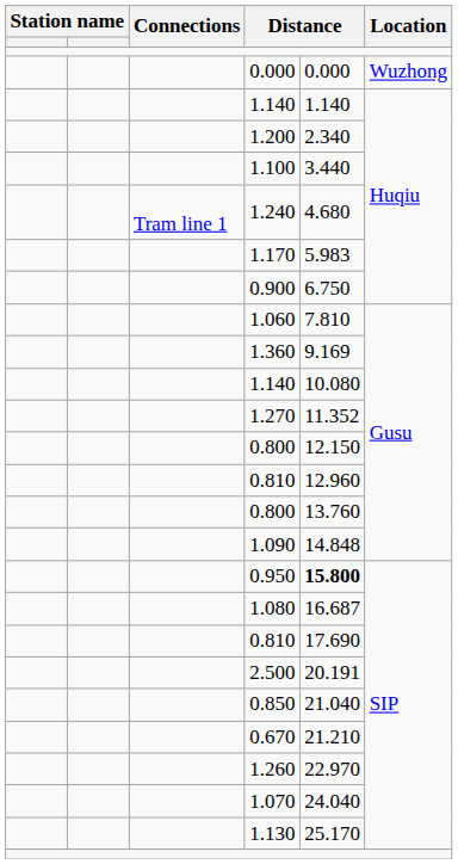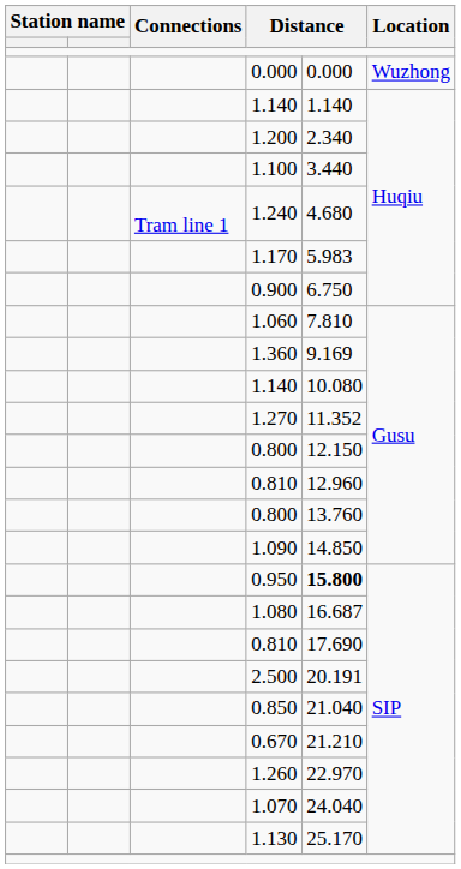 <table class="wikitable">
 <tr>
 <th colspan="2">Station name</th>
 <th rowspan="2">Connections</th>
 <th colspan="2" rowspan="2">Distance<br></th>
 <th rowspan="2">Location</th>
 </tr>
 <tr>
 <th></th>
 <th></th>
 </tr>
 <tr style="background:#">
 <td colspan = "7"></td>
 </tr>
 <tr>
 <td></td>
 <td></td>
 <td></td>
 <td>0.000</td>
 <td>0.000</td>
 <td><a href='#'>Wuzhong</a></td>
 </tr>
 <tr>
 <td></td>
 <td></td>
 <td></td>
 <td>1.140</td>
 <td>1.140</td>
 <td rowspan="6"><a href='#'>Huqiu</a> </td>
 </tr>
 <tr>
 <td></td>
 <td></td>
 <td></td>
 <td>1.200</td>
 <td>2.340</td>
 </tr>
 <tr>
 <td></td>
 <td></td>
 <td></td>
 <td>1.100</td>
 <td>3.440</td>
 </tr>
 <tr>
 <td></td>
 <td></td>
 <td><br> <a href='#'>Tram line 1</a></td>
 <td>1.240</td>
 <td>4.680</td>
 </tr>
 <tr>
 <td></td>
 <td></td>
 <td></td>
 <td>1.170</td>
 <td>5.983</td>
 </tr>
 <tr>
 <td></td>
 <td></td>
 <td></td>
 <td>0.900</td>
 <td>6.750</td>
 </tr>
 <tr>
 <td></td>
 <td></td>
 <td></td>
 <td>1.060</td>
 <td>7.810</td>
 <td rowspan="8"><a href='#'>Gusu</a></td>
 </tr>
 <tr>
 <td></td>
 <td></td>
 <td></td>
 <td>1.360</td>
 <td>9.169</td>
 </tr>
 <tr>
 <td></td>
 <td></td>
 <td></td>
 <td>1.140</td>
 <td>10.080</td>
 </tr>
 <tr>
 <td></td>
 <td></td>
 <td></td>
 <td>1.270</td>
 <td>11.352</td>
 </tr>
 <tr>
 <td></td>
 <td></td>
 <td></td>
 <td>0.800</td>
 <td>12.150</td>
 </tr>
 <tr>
 <td></td>
 <td></td>
 <td></td>
 <td>0.810</td>
 <td>12.960</td>
 </tr>
 <tr>
 <td></td>
 <td></td>
 <td></td>
 <td>0.800</td>
 <td>13.760</td>
 </tr>
 <tr>
 <td></td>
 <td></td>
 <td></td>
 <td>1.090</td>
-<td>14.848</td>
+<td>14.850</td>
 </tr>
 <tr>
 <td></td>
 <td></td>
 <td></td>
 <td>0.950</td>
 <td><strong>15.800</strong></td>
 <td rowspan="9"><a href='#'>SIP</a></td>
 </tr>
 <tr>
 <td></td>
 <td></td>
 <td></td>
 <td>1.080</td>
 <td>16.687</td>
 </tr>
 <tr>
 <td></td>
 <td></td>
 <td></td>
 <td>0.810</td>
 <td>17.690</td>
 </tr>
 <tr>
 <td></td>
 <td></td>
 <td></td>
 <td>2.500</td>
 <td>20.191</td>
 </tr>
 <tr>
 <td></td>
 <td></td>
 <td></td>
 <td>0.850</td>
 <td>21.040</td>
 </tr>
 <tr>
 <td></td>
 <td></td>
 <td></td>
 <td>0.670</td>
 <td>21.210</td>
 </tr>
 <tr>
 <td></td>
 <td></td>
 <td></td>
 <td>1.260</td>
 <td>22.970</td>
 </tr>
 <tr>
 <td></td>
 <td></td>
 <td></td>
 <td>1.070</td>
 <td>24.040</td>
 </tr>
 <tr>
 <td></td>
 <td></td>
 <td></td>
 <td>1.130</td>
 <td>25.170</td>
 </tr>
 <tr style="background:#">
 <td colspan = "7"></td>
 </tr>
 </table>
